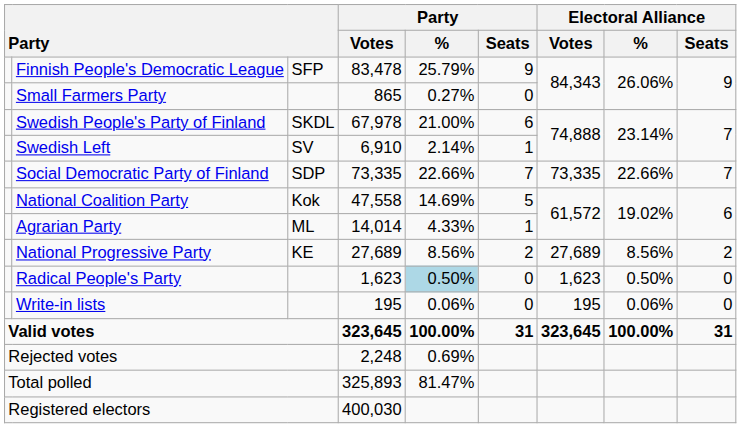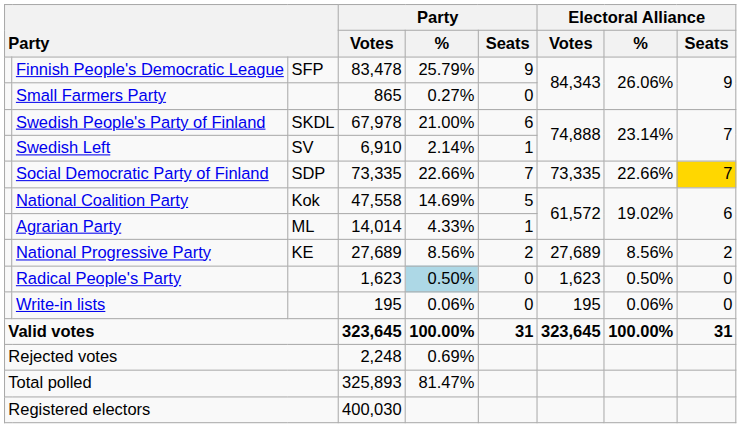 <table class="wikitable" border="1" style="text-align:right;">
 <tr>
 <th style="text-align:left;" valign=bottom rowspan=2 colspan=3>Party</th>
 <th colspan=3>Party</th>
 <th colspan=3>Electoral Alliance</th>
 </tr>
 <tr>
 <th align=center valign=bottom width="50">Votes</th>
 <th align=center valign=bottom width="50">%</th>
 <th align=center valign=bottom width="50">Seats</th>
 <th align=center valign=bottom width="50">Votes</th>
 <th align=center valign=bottom width="50">%</th>
 <th align=center valign=bottom width="50">Seats</th>
 </tr>
 <tr>
 <td></td>
 <td align=left><a href='#'>Finnish People's Democratic League</a></td>
 <td align=left>SFP</td>
 <td>83,478</td>
 <td>25.79%</td>
 <td>9</td>
 <td rowspan=2>84,343</td>
 <td rowspan=2>26.06%</td>
 <td rowspan=2>9</td>
 </tr>
 <tr>
 <td></td>
 <td align=left><a href='#'>Small Farmers Party</a></td>
 <td align=left></td>
 <td>865</td>
 <td>0.27%</td>
 <td>0</td>
 </tr>
 <tr>
 <td></td>
 <td align=left><a href='#'>Swedish People's Party of Finland</a></td>
 <td align=left>SKDL</td>
 <td>67,978</td>
 <td>21.00%</td>
 <td>6</td>
 <td rowspan=2>74,888</td>
 <td rowspan=2>23.14%</td>
 <td rowspan=2>7</td>
 </tr>
 <tr>
 <td></td>
 <td align=left><a href='#'>Swedish Left</a></td>
 <td align=left>SV</td>
 <td>6,910</td>
 <td>2.14%</td>
 <td>1</td>
 </tr>
 <tr>
 <td></td>
 <td align=left style="white-space: nowrap;"><a href='#'>Social Democratic Party of Finland</a></td>
 <td align=left>SDP</td>
 <td>73,335</td>
 <td>22.66%</td>
 <td>7</td>
 <td>73,335</td>
 <td>22.66%</td>
-<td>7</td>
+<td style="background: gold;">7</td>
 </tr>
 <tr>
 <td></td>
 <td align=left><a href='#'>National Coalition Party</a></td>
 <td align=left>Kok</td>
 <td>47,558</td>
 <td>14.69%</td>
 <td>5</td>
 <td rowspan=2>61,572</td>
 <td rowspan=2>19.02%</td>
 <td rowspan=2>6</td>
 </tr>
 <tr>
 <td></td>
 <td align=left><a href='#'>Agrarian Party</a></td>
 <td align=left>ML</td>
 <td>14,014</td>
 <td>4.33%</td>
 <td>1</td>
 </tr>
 <tr>
 <td></td>
 <td align=left><a href='#'>National Progressive Party</a></td>
 <td align=left>KE</td>
 <td>27,689</td>
 <td>8.56%</td>
 <td>2</td>
 <td>27,689</td>
 <td>8.56%</td>
 <td>2</td>
 </tr>
 <tr>
 <td></td>
 <td align=left><a href='#'>Radical People's Party</a></td>
 <td align=left></td>
 <td>1,623</td>
 <td style="background: lightblue;">0.50%</td>
 <td>0</td>
 <td>1,623</td>
 <td>0.50%</td>
 <td>0</td>
 </tr>
 <tr>
 <td></td>
 <td align=left><a href='#'>Write-in lists</a></td>
 <td align=left></td>
 <td>195</td>
 <td>0.06%</td>
 <td>0</td>
 <td>195</td>
 <td>0.06%</td>
 <td>0</td>
 </tr>
 <tr style="font-weight:bold">
 <td align=left colspan=3>Valid votes</td>
 <td>323,645</td>
 <td>100.00%</td>
 <td>31</td>
 <td>323,645</td>
 <td>100.00%</td>
 <td>31</td>
 </tr>
 <tr>
 <td align=left colspan=3>Rejected votes</td>
 <td>2,248</td>
 <td>0.69%</td>
 <td></td>
 <td></td>
 <td></td>
 <td></td>
 </tr>
 <tr>
 <td align=left colspan=3>Total polled</td>
 <td>325,893</td>
 <td>81.47%</td>
 <td></td>
 <td></td>
 <td></td>
 <td></td>
 </tr>
 <tr>
 <td align=left colspan=3>Registered electors</td>
 <td>400,030</td>
 <td></td>
 <td></td>
 <td></td>
 <td></td>
 <td></td>
 </tr>
 </table>
